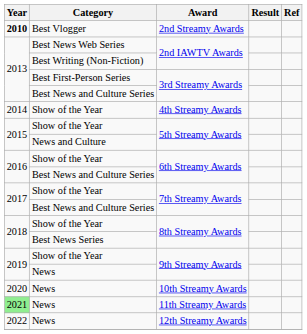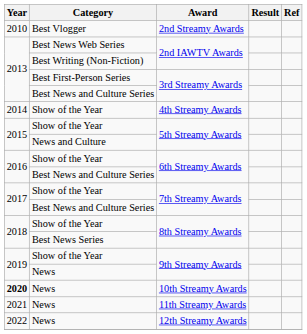 <table class="wikitable">
 <tr>
 <th>Year</th>
 <th>Category</th>
 <th>Award</th>
 <th>Result</th>
 <th>Ref</th>
 </tr>
 <tr>
-<td><strong>2010</strong></td>
+<td>2010</td>
 <td>Best Vlogger</td>
 <td><a href='#'>2nd Streamy Awards</a></td>
 <td></td>
 <td></td>
 </tr>
 <tr>
 <td rowspan="4">2013</td>
 <td>Best News Web Series</td>
 <td rowspan="2"><a href='#'>2nd IAWTV Awards</a></td>
 <td></td>
 <td></td>
 </tr>
 <tr>
 <td>Best Writing (Non-Fiction)</td>
 <td></td>
 <td></td>
 </tr>
 <tr>
 <td>Best First-Person Series</td>
 <td rowspan="2"><a href='#'>3rd Streamy Awards</a></td>
 <td></td>
 <td></td>
 </tr>
 <tr>
 <td>Best News and Culture Series</td>
 <td></td>
 <td></td>
 </tr>
 <tr>
 <td>2014</td>
 <td>Show of the Year</td>
 <td><a href='#'>4th Streamy Awards</a></td>
 <td></td>
 <td></td>
 </tr>
 <tr>
 <td rowspan="2">2015</td>
 <td>Show of the Year</td>
 <td rowspan="2"><a href='#'>5th Streamy Awards</a></td>
 <td></td>
 <td></td>
 </tr>
 <tr>
 <td>News and Culture</td>
 <td></td>
 <td></td>
 </tr>
 <tr>
 <td rowspan="2">2016</td>
 <td>Show of the Year</td>
 <td rowspan="2"><a href='#'>6th Streamy Awards</a></td>
 <td></td>
 <td></td>
 </tr>
 <tr>
 <td>Best News and Culture Series</td>
 <td></td>
 <td></td>
 </tr>
 <tr>
 <td rowspan="2">2017</td>
 <td>Show of the Year</td>
 <td rowspan="2"><a href='#'>7th Streamy Awards</a></td>
 <td></td>
 <td></td>
 </tr>
 <tr>
 <td>Best News and Culture Series</td>
 <td></td>
 <td></td>
 </tr>
 <tr>
 <td rowspan="2">2018</td>
 <td>Show of the Year</td>
 <td rowspan="2"><a href='#'>8th Streamy Awards</a></td>
 <td></td>
 <td></td>
 </tr>
 <tr>
 <td>Best News Series</td>
 <td></td>
 <td></td>
 </tr>
 <tr>
 <td rowspan="2">2019</td>
 <td>Show of the Year</td>
 <td rowspan="2"><a href='#'>9th Streamy Awards</a></td>
 <td></td>
 <td></td>
 </tr>
 <tr>
 <td>News</td>
 <td></td>
 <td></td>
 </tr>
 <tr>
-<td>2020</td>
+<td><strong>2020</strong></td>
 <td>News</td>
 <td><a href='#'>10th Streamy Awards</a></td>
 <td></td>
 <td></td>
 </tr>
 <tr>
-<td style="background: lightgreen;">2021</td>
+<td>2021</td>
 <td>News</td>
 <td><a href='#'>11th Streamy Awards</a></td>
 <td></td>
 <td></td>
 </tr>
 <tr>
 <td>2022</td>
 <td>News</td>
 <td><a href='#'>12th Streamy Awards</a></td>
 <td></td>
 <td></td>
 </tr>
 <tr>
 </tr>
 </table>
